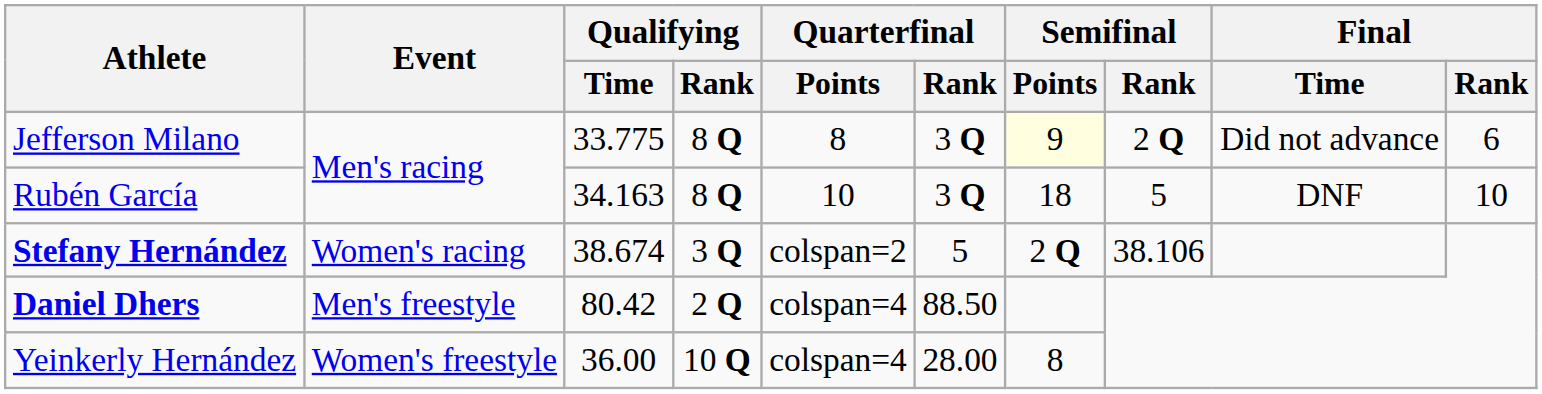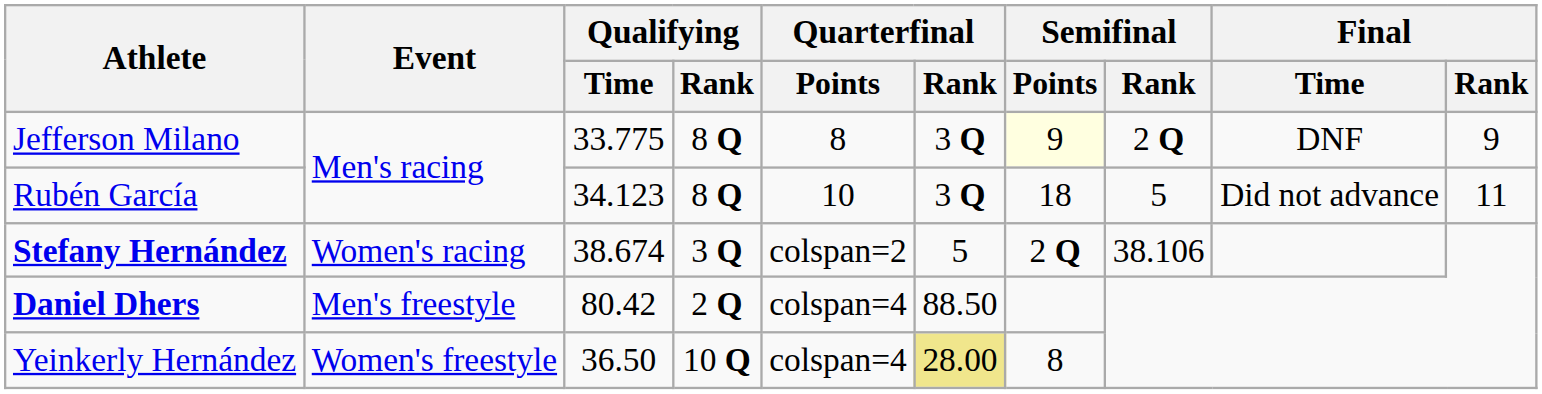 <table class="wikitable" style="font-size:90%;">
 <tr>
 <th rowspan=2>Athlete</th>
 <th rowspan=2>Event</th>
 <th colspan=2>Qualifying</th>
 <th colspan=2>Quarterfinal</th>
 <th colspan=2>Semifinal</th>
 <th colspan=2>Final</th>
 </tr>
 <tr style="font-size:95%">
 <th>Time</th>
 <th>Rank</th>
 <th>Points</th>
 <th>Rank</th>
 <th>Points</th>
 <th>Rank</th>
 <th>Time</th>
 <th>Rank</th>
 </tr>
 <tr align=center>
 <td align=left><a href='#'>Jefferson Milano</a></td>
 <td align=left rowspan=2><a href='#'>Men's racing</a></td>
 <td>33.775</td>
 <td>8 <strong>Q</strong></td>
 <td>8</td>
 <td>3 <strong>Q</strong></td>
 <td style="background: lightyellow;">9</td>
 <td>2 <strong>Q</strong></td>
-<td>Did not advance</td>
-<td>6</td>
+<td>DNF</td>
+<td>9</td>
 </tr>
 <tr align=center>
 <td align=left><a href='#'>Rubén García</a></td>
-<td>34.163</td>
+<td>34.123</td>
 <td>8 <strong>Q</strong></td>
 <td>10</td>
 <td>3 <strong>Q</strong></td>
 <td>18</td>
 <td>5</td>
-<td>DNF</td>
-<td>10</td>
+<td>Did not advance</td>
+<td>11</td>
 </tr>
 <tr align=center>
 <td align=left><strong><a href='#'>Stefany Hernández</a></strong></td>
 <td align=left><a href='#'>Women's racing</a></td>
 <td>38.674</td>
 <td>3 <strong>Q</strong></td>
 <td>colspan=2 </td>
 <td>5</td>
 <td>2 <strong>Q</strong></td>
 <td>38.106</td>
 <td></td>
 </tr>
 <tr align=center>
 <td align=left><strong><a href='#'>Daniel Dhers</a></strong></td>
 <td align=left><a href='#'>Men's freestyle</a></td>
 <td>80.42</td>
 <td>2 <strong>Q</strong></td>
 <td>colspan=4 </td>
 <td>88.50</td>
 <td></td>
 </tr>
 <tr align=center>
 <td align=left><a href='#'>Yeinkerly Hernández</a></td>
 <td align=left><a href='#'>Women's freestyle</a></td>
-<td>36.00</td>
+<td>36.50</td>
 <td>10 <strong>Q</strong></td>
 <td>colspan=4 </td>
-<td>28.00</td>
+<td style="background: khaki;">28.00</td>
 <td>8</td>
 </tr>
 </table>
